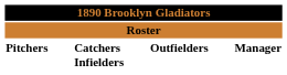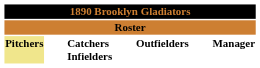 <table class="toccolours" style="font-size: 95%;">
 <tr>
 <th colspan="10" style="background:black; color:#cd7f32; text-align:center;">1890 Brooklyn Gladiators</th>
 </tr>
 <tr>
 <td colspan="10" style="background:#cd7f32; color:black; text-align:center;"><strong>Roster</strong></td>
 </tr>
 <tr>
-<td valign="top"><strong>Pitchers</strong><br>       </td>
+<td valign="top" style="background: khaki;"><strong>Pitchers</strong><br>       </td>
 <td style="width:25px;"></td>
 <td valign="top"><strong>Catchers</strong><br>   <strong>Infielders</strong>       </td>
 <td style="width:25px;"></td>
 <td valign="top"><strong>Outfielders</strong><br>   </td>
 <td style="width:25px;"></td>
 <td valign="top"><strong>Manager</strong><br></td>
 </tr>
 </table>
